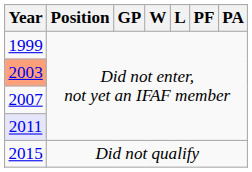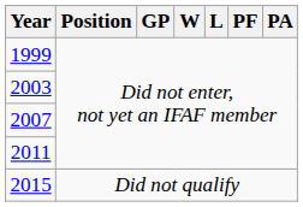 <table class="wikitable" style="text-align: center;">
 <tr>
 <th>Year</th>
 <th>Position</th>
 <th>GP</th>
 <th>W</th>
 <th>L</th>
 <th>PF</th>
 <th>PA</th>
 </tr>
 <tr>
 <td> <a href='#'>1999</a></td>
 <td colspan=6 rowspan=4><em>Did not enter,<br> not yet an IFAF member</em></td>
 </tr>
 <tr>
-<td style="background: lightsalmon;"> <a href='#'>2003</a></td>
+<td> <a href='#'>2003</a></td>
 </tr>
 <tr>
 <td> <a href='#'>2007</a></td>
 </tr>
 <tr>
-<td style="background: lavender;"> <a href='#'>2011</a></td>
+<td> <a href='#'>2011</a></td>
 </tr>
 <tr>
 <td> <a href='#'>2015</a></td>
 <td colspan=6><em>Did not qualify</em></td>
 </tr>
 </table>
